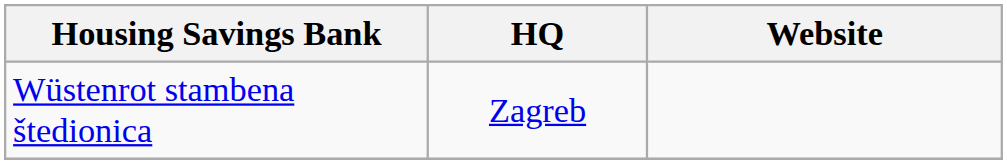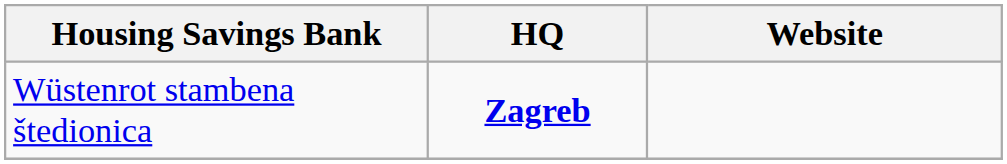 <table class="wikitable sortable" style="text-align: center; ; font-size: 95%;">
 <tr>
 <th width="180">Housing Savings Bank</th>
 <th width="90">HQ</th>
 <th width="150">Website</th>
 </tr>
 <tr>
 <td align="left"><a href='#'>Wüstenrot stambena štedionica</a></td>
-<td><a href='#'>Zagreb</a></td>
+<td><strong><a href='#'>Zagreb</a></strong></td>
 <td></td>
 </tr>
 <tr>
 </tr>
 </table>
